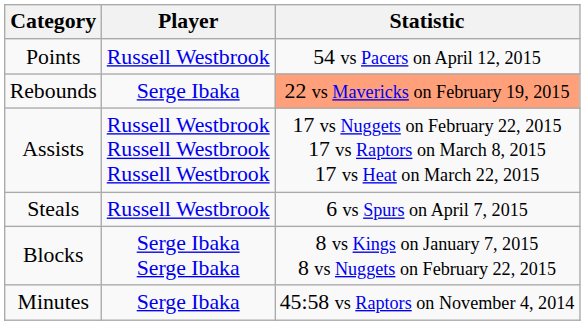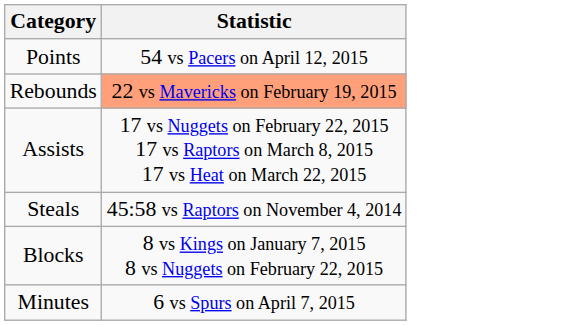 <table class="wikitable sortable sortable" style="text-align: center">
 <tr>
 <th>Category</th>
-<th>Player</th>
 <th>Statistic</th>
 </tr>
 <tr style="text-align: center">
 <td>Points</td>
-<td><a href='#'>Russell Westbrook</a></td>
 <td>54 <small>vs <a href='#'>Pacers</a> on April 12, 2015</small></td>
 </tr>
 <tr style="text-align: center">
 <td>Rebounds</td>
-<td><a href='#'>Serge Ibaka</a></td>
 <td style="background: lightsalmon;">22 <small>vs <a href='#'>Mavericks</a> on February 19, 2015</small></td>
 </tr>
 <tr style="text-align: center">
 <td>Assists</td>
-<td><a href='#'>Russell Westbrook</a><br><a href='#'>Russell Westbrook</a><br><a href='#'>Russell Westbrook</a></td>
 <td>17 <small>vs <a href='#'>Nuggets</a> on February 22, 2015</small><br>17 <small>vs <a href='#'>Raptors</a> on March 8, 2015</small><br>17 <small>vs <a href='#'>Heat</a> on March 22, 2015</small></td>
 </tr>
 <tr style="text-align: center">
 <td>Steals</td>
-<td><a href='#'>Russell Westbrook</a></td>
-<td>6 <small>vs <a href='#'>Spurs</a> on April 7, 2015</small></td>
+<td>45:58 <small>vs <a href='#'>Raptors</a> on November 4, 2014</small></td>
 </tr>
 <tr style="text-align: center">
 <td>Blocks</td>
-<td><a href='#'>Serge Ibaka</a><br><a href='#'>Serge Ibaka</a></td>
 <td>8 <small>vs <a href='#'>Kings</a> on January 7, 2015</small><br>8 <small>vs <a href='#'>Nuggets</a> on February 22, 2015</small></td>
 </tr>
 <tr style="text-align: center">
 <td>Minutes</td>
-<td><a href='#'>Serge Ibaka</a></td>
-<td>45:58 <small>vs <a href='#'>Raptors</a> on November 4, 2014</small></td>
+<td>6 <small>vs <a href='#'>Spurs</a> on April 7, 2015</small></td>
 </tr>
 </table>
